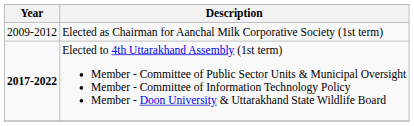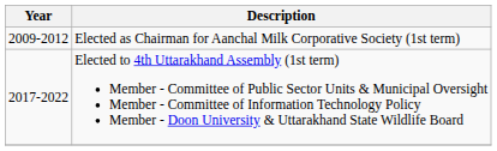 <table class="wikitable">
 <tr>
 <th>Year</th>
 <th>Description</th>
 </tr>
 <tr>
 <td>2009-2012</td>
 <td>Elected as Chairman for Aanchal Milk Corporative Society (1st term)</td>
 </tr>
 <tr>
-<td><strong>2017-2022</strong></td>
+<td>2017-2022</td>
 <td>Elected to <a href='#'>4th Uttarakhand Assembly</a> (1st term)<br><ul><li>Member - Committee of Public Sector Units & Municipal Oversight</li><li>Member - Committee of Information Technology Policy</li><li>Member - <a href='#'>Doon University</a> & Uttarakhand State Wildlife Board</li></ul></td>
 </tr>
 <tr>
 </tr>
 </table>
